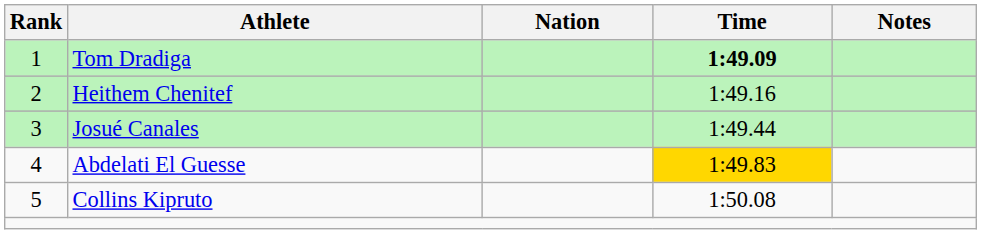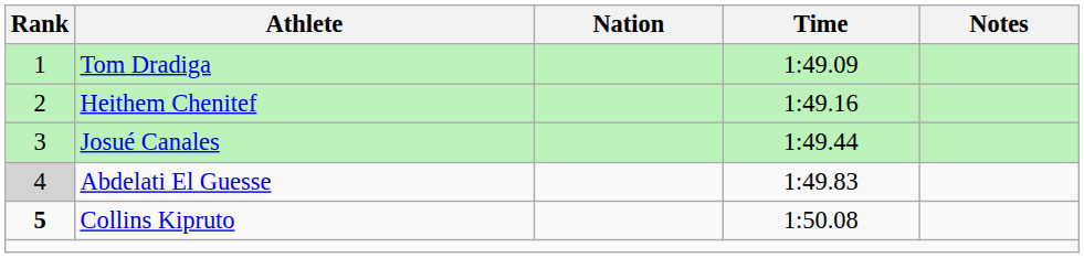 <table class="wikitable sortable" style="text-align:center;width: 55%;">
 <tr>
 <th scope="col" style="width: 10px;">Rank</th>
 <th scope="col">Athlete</th>
 <th scope="col">Nation</th>
 <th scope="col">Time</th>
 <th scope="col">Notes</th>
 </tr>
 <tr bgcolor=bbf3bb>
 <td>1</td>
 <td align=left><a href='#'>Tom Dradiga</a></td>
 <td align=left></td>
-<td><strong>1:49.09</strong></td>
+<td>1:49.09</td>
 <td></td>
 </tr>
 <tr bgcolor=bbf3bb>
 <td>2</td>
 <td align=left><a href='#'>Heithem Chenitef</a></td>
 <td align=left></td>
 <td>1:49.16</td>
 <td></td>
 </tr>
 <tr bgcolor=bbf3bb>
 <td>3</td>
 <td align=left><a href='#'>Josué Canales</a></td>
 <td align=left></td>
 <td>1:49.44</td>
 <td></td>
 </tr>
 <tr>
-<td>4</td>
+<td style="background: lightgrey;">4</td>
 <td align=left><a href='#'>Abdelati El Guesse</a></td>
 <td align=left></td>
-<td style="background: gold;">1:49.83</td>
+<td>1:49.83</td>
 <td></td>
 </tr>
 <tr>
-<td>5</td>
+<td><strong>5</strong></td>
 <td align=left><a href='#'>Collins Kipruto</a></td>
 <td align=left></td>
 <td>1:50.08</td>
 <td></td>
 </tr>
 <tr class="sortbottom">
 <td colspan="5"></td>
 </tr>
 </table>
